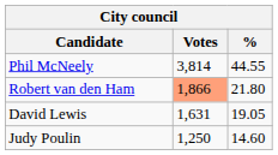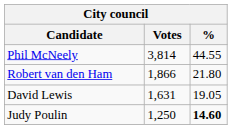 <table class="wikitable">
 <tr>
 <th colspan="3">City council</th>
 </tr>
 <tr>
 <th style="width: 170px">Candidate</th>
 <th style="width: 50px">Votes</th>
 <th style="width: 40px">%</th>
 </tr>
 <tr>
 <td><a href='#'>Phil McNeely</a></td>
 <td>3,814</td>
 <td>44.55</td>
 </tr>
 <tr>
 <td><a href='#'>Robert van den Ham</a></td>
-<td style="background: lightsalmon;">1,866</td>
+<td>1,866</td>
 <td>21.80</td>
 </tr>
 <tr>
 <td>David Lewis</td>
 <td>1,631</td>
 <td>19.05</td>
 </tr>
 <tr>
 <td>Judy Poulin</td>
 <td>1,250</td>
-<td>14.60</td>
+<td><strong>14.60</strong></td>
 </tr>
 </table>
